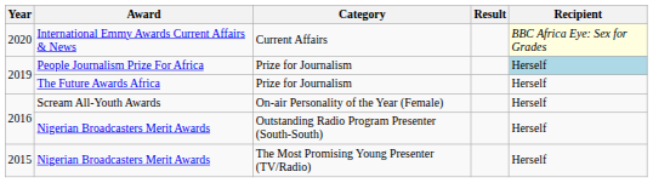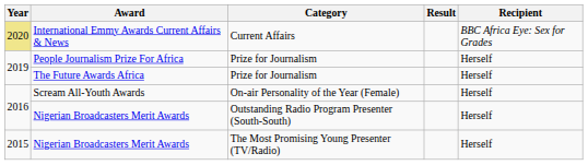 <table class="wikitable sortable">
 <tr>
 <th>Year</th>
 <th>Award</th>
 <th>Category</th>
 <th>Result</th>
 <th>Recipient</th>
 </tr>
 <tr>
-<td>2020</td>
+<td style="background: khaki;">2020</td>
 <td><a href='#'>International Emmy Awards Current Affairs & News</a></td>
 <td>Current Affairs</td>
 <td></td>
-<td style="background: lightyellow;"><em>BBC Africa Eye: Sex for Grades</em></td>
+<td><em>BBC Africa Eye: Sex for Grades</em></td>
 </tr>
 <tr>
 <td rowspan = "2">2019</td>
 <td><a href='#'>People Journalism Prize For Africa</a></td>
 <td>Prize for Journalism</td>
 <td></td>
-<td style="background: lightblue;">Herself</td>
+<td>Herself</td>
 </tr>
 <tr>
 <td><a href='#'>The Future Awards Africa</a></td>
 <td>Prize for Journalism</td>
 <td></td>
 <td>Herself</td>
 </tr>
 <tr>
 <td rowspan = "2">2016</td>
 <td>Scream All-Youth Awards</td>
 <td>On-air Personality of the Year (Female)</td>
 <td></td>
 <td>Herself</td>
 </tr>
 <tr>
 <td><a href='#'>Nigerian Broadcasters Merit Awards</a></td>
 <td>Outstanding Radio Program Presenter (South-South)</td>
 <td></td>
 <td>Herself</td>
 </tr>
 <tr>
 <td>2015</td>
 <td><a href='#'>Nigerian Broadcasters Merit Awards</a></td>
 <td>The Most Promising Young Presenter (TV/Radio)</td>
 <td></td>
 <td>Herself</td>
 </tr>
 </table>
